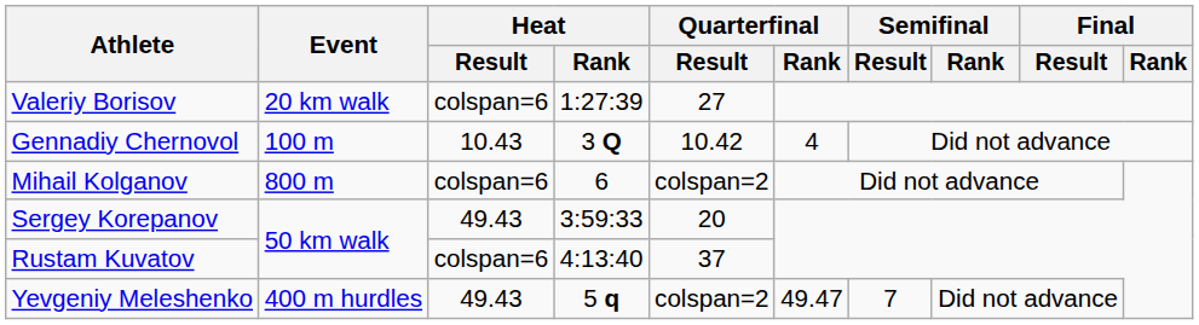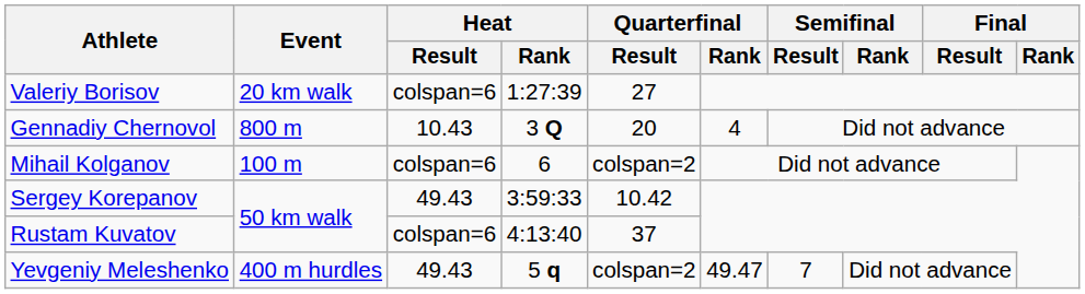 <table class=wikitable style="font-size:90%">
 <tr>
 <th rowspan="2">Athlete</th>
 <th rowspan="2">Event</th>
 <th colspan="2">Heat</th>
 <th colspan="2">Quarterfinal</th>
 <th colspan="2">Semifinal</th>
 <th colspan="2">Final</th>
 </tr>
 <tr style="font-size:95%">
 <th>Result</th>
 <th>Rank</th>
 <th>Result</th>
 <th>Rank</th>
 <th>Result</th>
 <th>Rank</th>
 <th>Result</th>
 <th>Rank</th>
 </tr>
 <tr align=center>
 <td align=left><a href='#'>Valeriy Borisov</a></td>
 <td align=left><a href='#'>20 km walk</a></td>
 <td>colspan=6 </td>
 <td>1:27:39</td>
 <td>27</td>
 </tr>
 <tr align=center>
 <td align=left><a href='#'>Gennadiy Chernovol</a></td>
-<td align=left><a href='#'>100 m</a></td>
+<td align=left><a href='#'>800 m</a></td>
 <td>10.43</td>
 <td>3 <strong>Q</strong></td>
-<td>10.42</td>
+<td>20</td>
 <td>4</td>
 <td colspan=4>Did not advance</td>
 </tr>
 <tr align=center>
 <td align=left><a href='#'>Mihail Kolganov</a></td>
-<td align=left><a href='#'>800 m</a></td>
+<td align=left><a href='#'>100 m</a></td>
 <td>colspan=6 </td>
 <td>6</td>
 <td>colspan=2 </td>
 <td colspan=4>Did not advance</td>
 </tr>
 <tr align=center>
 <td align=left><a href='#'>Sergey Korepanov</a></td>
 <td align=left rowspan=2><a href='#'>50 km walk</a></td>
 <td>49.43</td>
 <td>3:59:33</td>
-<td>20</td>
+<td>10.42</td>
 </tr>
 <tr align=center>
 <td align=left><a href='#'>Rustam Kuvatov</a></td>
 <td>colspan=6 </td>
 <td>4:13:40</td>
 <td>37</td>
 </tr>
 <tr align=center>
 <td align=left><a href='#'>Yevgeniy Meleshenko</a></td>
 <td align=left><a href='#'>400 m hurdles</a></td>
 <td>49.43</td>
 <td>5 <strong>q</strong></td>
 <td>colspan=2 </td>
 <td>49.47</td>
 <td>7</td>
 <td colspan=2>Did not advance</td>
 </tr>
 </table>
